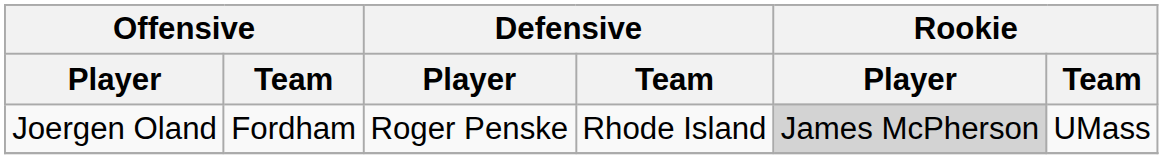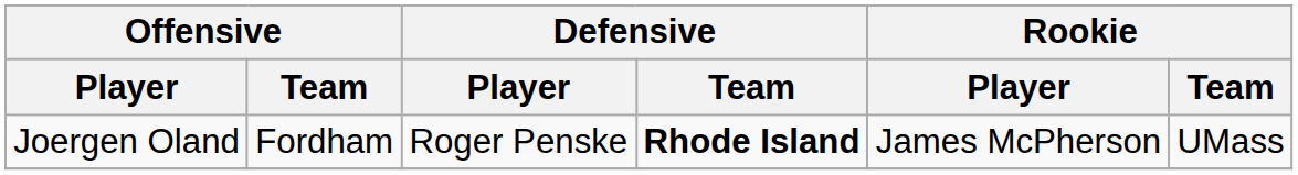 <table class="wikitable">
 <tr>
 <th colspan="2">Offensive</th>
 <th colspan="2">Defensive</th>
 <th colspan="2">Rookie</th>
 </tr>
 <tr>
 <th>Player</th>
 <th>Team</th>
 <th>Player</th>
 <th>Team</th>
 <th>Player</th>
 <th>Team</th>
 </tr>
 <tr>
 <td>Joergen Oland</td>
 <td>Fordham</td>
 <td>Roger Penske</td>
-<td>Rhode Island</td>
-<td style="background: lightgrey;">James McPherson</td>
+<td><strong>Rhode Island</strong></td>
+<td>James McPherson</td>
 <td>UMass</td>
 </tr>
 <tr>
 </tr>
 </table>
